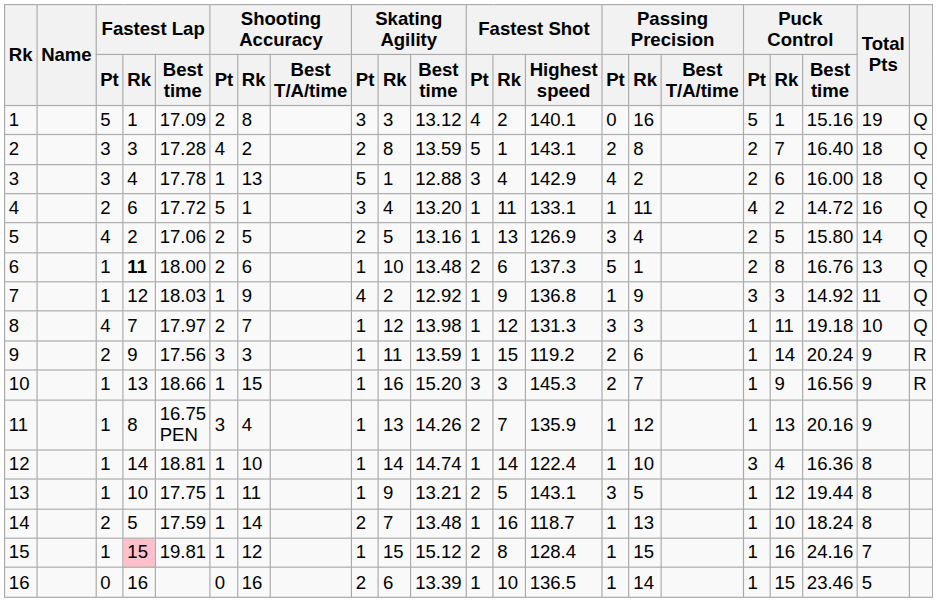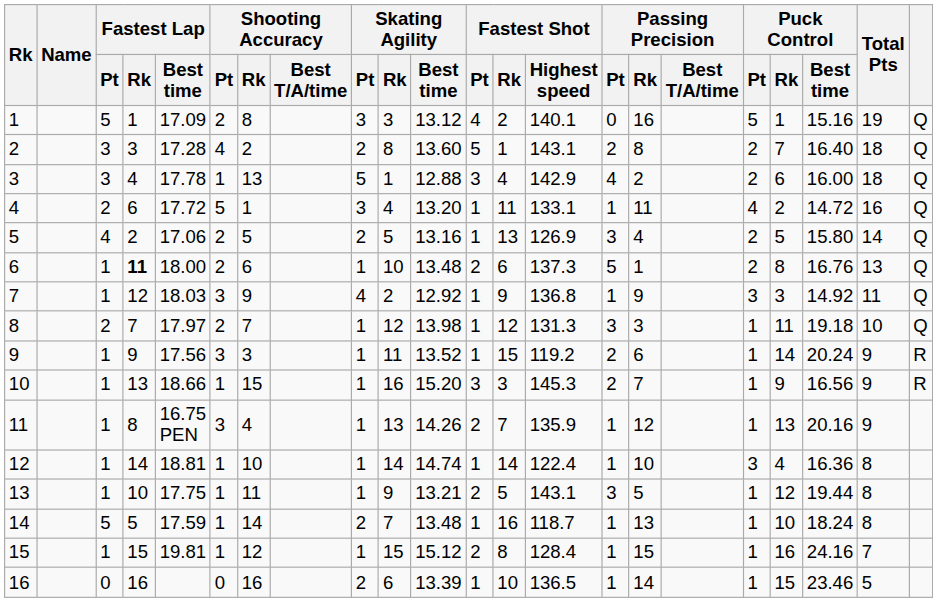 <table class="wikitable sortable">
 <tr>
 <th rowspan=2>Rk</th>
 <th rowspan=2>Name</th>
 <th colspan=3>Fastest Lap</th>
 <th colspan=3>Shooting Accuracy</th>
 <th colspan=3>Skating Agility</th>
 <th colspan=3>Fastest Shot</th>
 <th colspan=3>Passing Precision</th>
 <th colspan=3>Puck Control</th>
 <th rowspan=2>Total<br>Pts</th>
 <th rowspan=2></th>
 </tr>
 <tr>
 <th>Pt</th>
 <th>Rk</th>
 <th>Best<br>time</th>
 <th>Pt</th>
 <th>Rk</th>
 <th>Best<br>T/A/time</th>
 <th>Pt</th>
 <th>Rk</th>
 <th>Best<br>time</th>
 <th>Pt</th>
 <th>Rk</th>
 <th>Highest<br>speed</th>
 <th>Pt</th>
 <th>Rk</th>
 <th>Best<br>T/A/time</th>
 <th>Pt</th>
 <th>Rk</th>
 <th>Best<br>time</th>
 </tr>
 <tr>
 <td>1</td>
 <td></td>
 <td>5</td>
 <td>1</td>
 <td>17.09</td>
 <td>2</td>
 <td>8</td>
 <td></td>
 <td>3</td>
 <td>3</td>
 <td>13.12</td>
 <td>4</td>
 <td>2</td>
 <td>140.1</td>
 <td>0</td>
 <td>16</td>
 <td></td>
 <td>5</td>
 <td>1</td>
 <td>15.16</td>
 <td>19</td>
 <td>Q</td>
 </tr>
 <tr>
 <td>2</td>
 <td></td>
 <td>3</td>
 <td>3</td>
 <td>17.28</td>
 <td>4</td>
 <td>2</td>
 <td></td>
 <td>2</td>
 <td>8</td>
-<td>13.59</td>
+<td>13.60</td>
 <td>5</td>
 <td>1</td>
 <td>143.1</td>
 <td>2</td>
 <td>8</td>
 <td></td>
 <td>2</td>
 <td>7</td>
 <td>16.40</td>
 <td>18</td>
 <td>Q</td>
 </tr>
 <tr>
 <td>3</td>
 <td></td>
 <td>3</td>
 <td>4</td>
 <td>17.78</td>
 <td>1</td>
 <td>13</td>
 <td></td>
 <td>5</td>
 <td>1</td>
 <td>12.88</td>
 <td>3</td>
 <td>4</td>
 <td>142.9</td>
 <td>4</td>
 <td>2</td>
 <td></td>
 <td>2</td>
 <td>6</td>
 <td>16.00</td>
 <td>18</td>
 <td>Q</td>
 </tr>
 <tr>
 <td>4</td>
 <td></td>
 <td>2</td>
 <td>6</td>
 <td>17.72</td>
 <td>5</td>
 <td>1</td>
 <td></td>
 <td>3</td>
 <td>4</td>
 <td>13.20</td>
 <td>1</td>
 <td>11</td>
 <td>133.1</td>
 <td>1</td>
 <td>11</td>
 <td></td>
 <td>4</td>
 <td>2</td>
 <td>14.72</td>
 <td>16</td>
 <td>Q</td>
 </tr>
 <tr>
 <td>5</td>
 <td></td>
 <td>4</td>
 <td>2</td>
 <td>17.06</td>
 <td>2</td>
 <td>5</td>
 <td></td>
 <td>2</td>
 <td>5</td>
 <td>13.16</td>
 <td>1</td>
 <td>13</td>
 <td>126.9</td>
 <td>3</td>
 <td>4</td>
 <td></td>
 <td>2</td>
 <td>5</td>
 <td>15.80</td>
 <td>14</td>
 <td>Q</td>
 </tr>
 <tr>
 <td>6</td>
 <td></td>
 <td>1</td>
 <td><strong>11</strong></td>
 <td>18.00</td>
 <td>2</td>
 <td>6</td>
 <td></td>
 <td>1</td>
 <td>10</td>
 <td>13.48</td>
 <td>2</td>
 <td>6</td>
 <td>137.3</td>
 <td>5</td>
 <td>1</td>
 <td></td>
 <td>2</td>
 <td>8</td>
 <td>16.76</td>
 <td>13</td>
 <td>Q</td>
 </tr>
 <tr>
 <td>7</td>
 <td></td>
 <td>1</td>
 <td>12</td>
 <td>18.03</td>
-<td>1</td>
+<td>3</td>
 <td>9</td>
 <td></td>
 <td>4</td>
 <td>2</td>
 <td>12.92</td>
 <td>1</td>
 <td>9</td>
 <td>136.8</td>
 <td>1</td>
 <td>9</td>
 <td></td>
 <td>3</td>
 <td>3</td>
 <td>14.92</td>
 <td>11</td>
 <td>Q</td>
 </tr>
 <tr>
 <td>8</td>
 <td></td>
-<td>4</td>
+<td>2</td>
 <td>7</td>
 <td>17.97</td>
 <td>2</td>
 <td>7</td>
 <td></td>
 <td>1</td>
 <td>12</td>
 <td>13.98</td>
 <td>1</td>
 <td>12</td>
 <td>131.3</td>
 <td>3</td>
 <td>3</td>
 <td></td>
 <td>1</td>
 <td>11</td>
 <td>19.18</td>
 <td>10</td>
 <td>Q</td>
 </tr>
 <tr>
 <td>9</td>
 <td></td>
-<td>2</td>
+<td>1</td>
 <td>9</td>
 <td>17.56</td>
 <td>3</td>
 <td>3</td>
 <td></td>
 <td>1</td>
 <td>11</td>
-<td>13.59</td>
+<td>13.52</td>
 <td>1</td>
 <td>15</td>
 <td>119.2</td>
 <td>2</td>
 <td>6</td>
 <td></td>
 <td>1</td>
 <td>14</td>
 <td>20.24</td>
 <td>9</td>
 <td>R</td>
 </tr>
 <tr>
 <td>10</td>
 <td></td>
 <td>1</td>
 <td>13</td>
 <td>18.66</td>
 <td>1</td>
 <td>15</td>
 <td></td>
 <td>1</td>
 <td>16</td>
 <td>15.20</td>
 <td>3</td>
 <td>3</td>
 <td>145.3</td>
 <td>2</td>
 <td>7</td>
 <td></td>
 <td>1</td>
 <td>9</td>
 <td>16.56</td>
 <td>9</td>
 <td>R</td>
 </tr>
 <tr>
 <td>11</td>
 <td></td>
 <td>1</td>
 <td>8</td>
 <td>16.75<br>PEN</td>
 <td>3</td>
 <td>4</td>
 <td></td>
 <td>1</td>
 <td>13</td>
 <td>14.26</td>
 <td>2</td>
 <td>7</td>
 <td>135.9</td>
 <td>1</td>
 <td>12</td>
 <td></td>
 <td>1</td>
 <td>13</td>
 <td>20.16</td>
 <td>9</td>
 <td></td>
 </tr>
 <tr>
 <td>12</td>
 <td></td>
 <td>1</td>
 <td>14</td>
 <td>18.81</td>
 <td>1</td>
 <td>10</td>
 <td></td>
 <td>1</td>
 <td>14</td>
 <td>14.74</td>
 <td>1</td>
 <td>14</td>
 <td>122.4</td>
 <td>1</td>
 <td>10</td>
 <td></td>
 <td>3</td>
 <td>4</td>
 <td>16.36</td>
 <td>8</td>
 <td></td>
 </tr>
 <tr>
 <td>13</td>
 <td></td>
 <td>1</td>
 <td>10</td>
 <td>17.75</td>
 <td>1</td>
 <td>11</td>
 <td></td>
 <td>1</td>
 <td>9</td>
 <td>13.21</td>
 <td>2</td>
 <td>5</td>
 <td>143.1</td>
 <td>3</td>
 <td>5</td>
 <td></td>
 <td>1</td>
 <td>12</td>
 <td>19.44</td>
 <td>8</td>
 <td></td>
 </tr>
 <tr>
 <td>14</td>
 <td></td>
-<td>2</td>
+<td>5</td>
 <td>5</td>
 <td>17.59</td>
 <td>1</td>
 <td>14</td>
 <td></td>
 <td>2</td>
 <td>7</td>
 <td>13.48</td>
 <td>1</td>
 <td>16</td>
 <td>118.7</td>
 <td>1</td>
 <td>13</td>
 <td></td>
 <td>1</td>
 <td>10</td>
 <td>18.24</td>
 <td>8</td>
 <td></td>
 </tr>
 <tr>
 <td>15</td>
 <td></td>
 <td>1</td>
-<td style="background: pink;">15</td>
+<td>15</td>
 <td>19.81</td>
 <td>1</td>
 <td>12</td>
 <td></td>
 <td>1</td>
 <td>15</td>
 <td>15.12</td>
 <td>2</td>
 <td>8</td>
 <td>128.4</td>
 <td>1</td>
 <td>15</td>
 <td></td>
 <td>1</td>
 <td>16</td>
 <td>24.16</td>
 <td>7</td>
 <td></td>
 </tr>
 <tr>
 <td>16</td>
 <td></td>
 <td>0</td>
 <td>16</td>
 <td></td>
 <td>0</td>
 <td>16</td>
 <td></td>
 <td>2</td>
 <td>6</td>
 <td>13.39</td>
 <td>1</td>
 <td>10</td>
 <td>136.5</td>
 <td>1</td>
 <td>14</td>
 <td></td>
 <td>1</td>
 <td>15</td>
 <td>23.46</td>
 <td>5</td>
 <td></td>
 </tr>
 </table>
